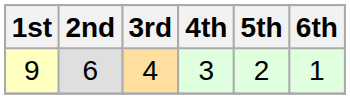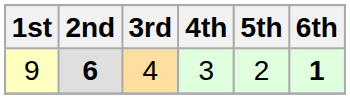 <table class="wikitable" style="font-size: 85%; text-align:center">
 <tr>
 </tr>
 <tr>
 <th>1st</th>
 <th>2nd</th>
 <th>3rd</th>
 <th>4th</th>
 <th>5th</th>
 <th>6th</th>
 </tr>
 <tr>
 <td style="background:#FFFFBF;">9</td>
-<td style="background:#DFDFDF;">6</td>
+<td style="background:#DFDFDF;"><strong>6</strong></td>
 <td style="background:#FFDF9F;">4</td>
 <td style="background:#DFFFDF;">3</td>
 <td style="background:#DFFFDF;">2</td>
-<td style="background:#DFFFDF;">1</td>
+<td style="background:#DFFFDF;"><strong>1</strong></td>
 </tr>
 <tr>
 </tr>
 </table>
